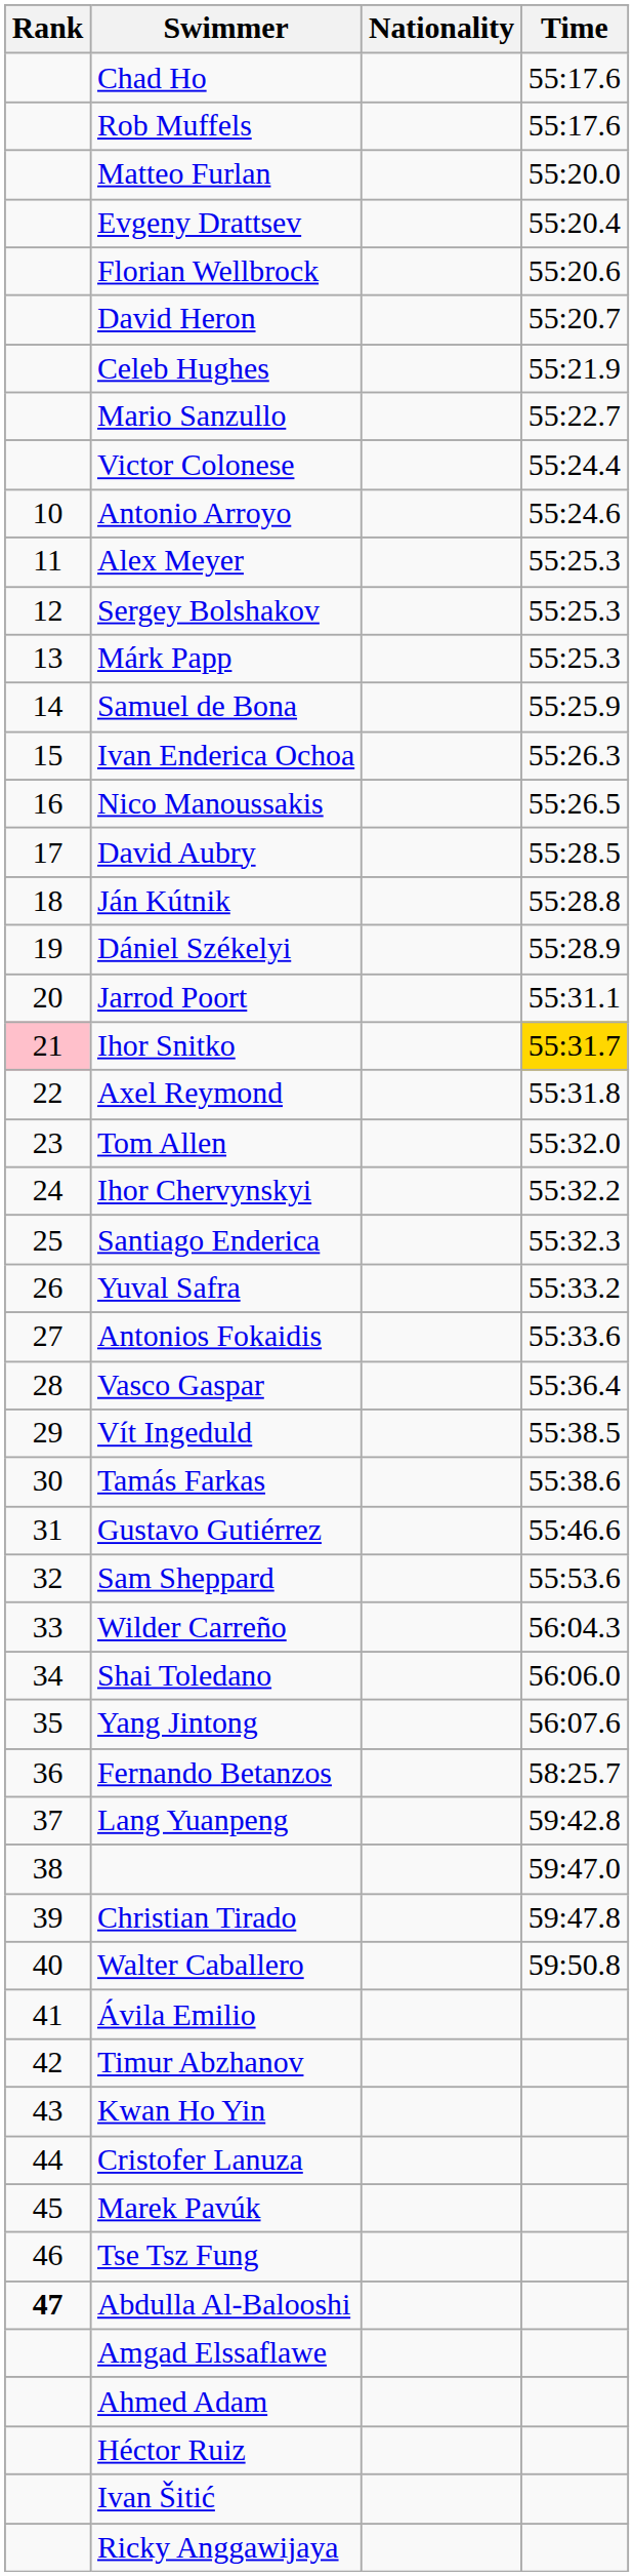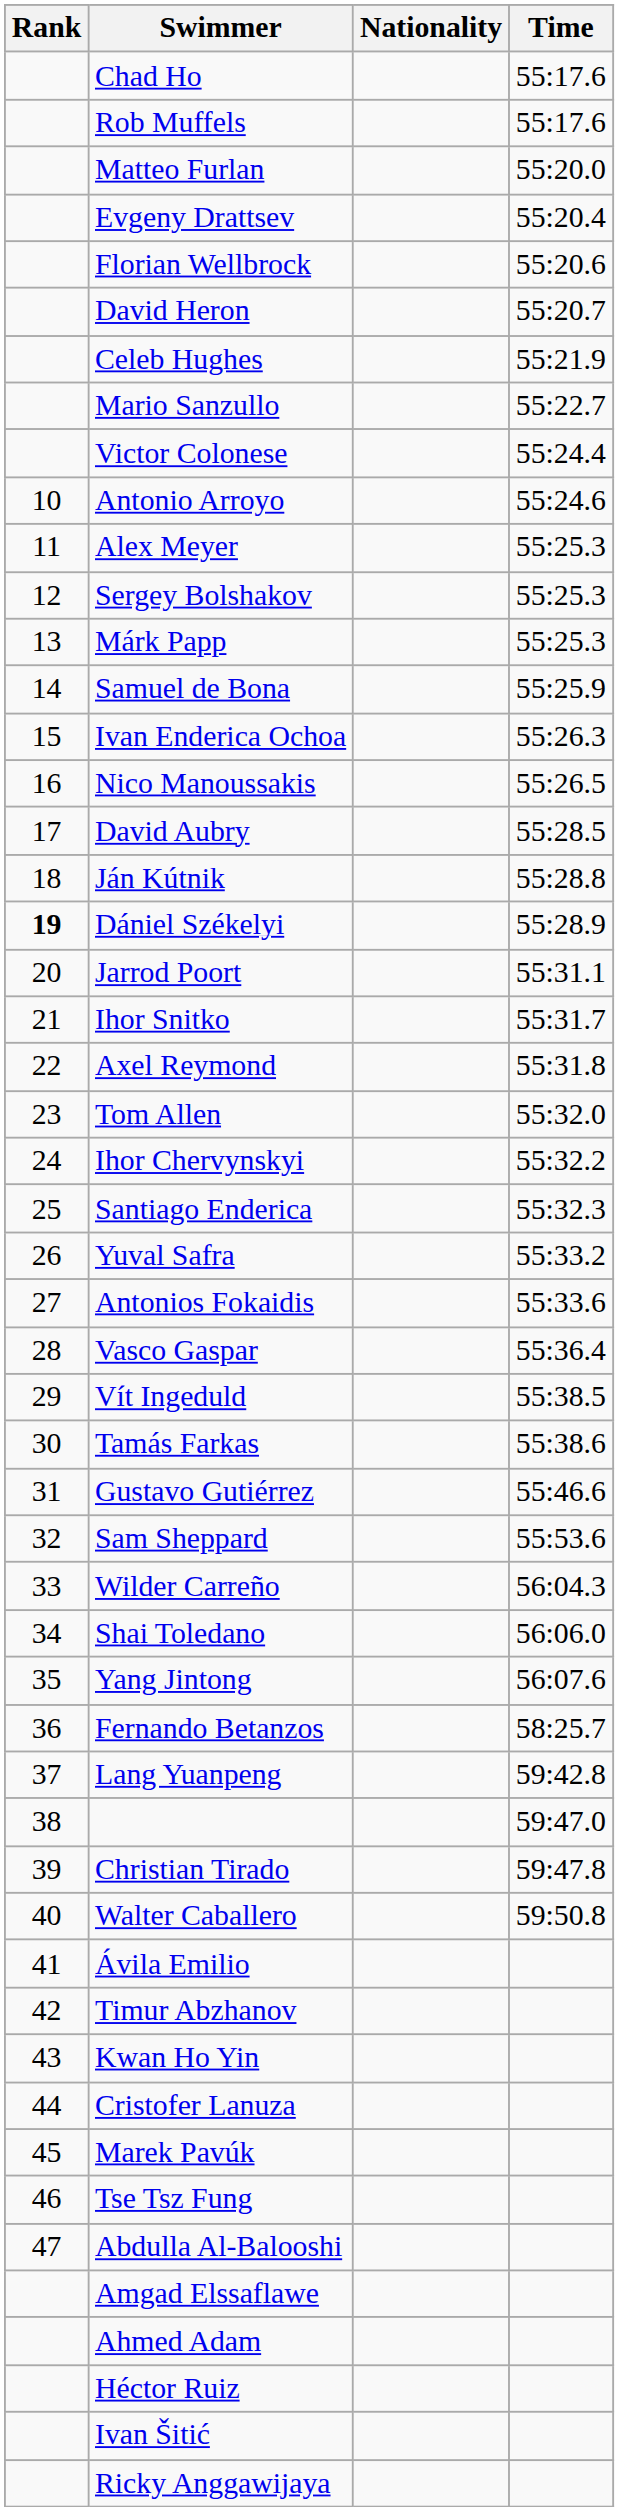 <table class="wikitable sortable" border="1" style="text-align:center">
 <tr>
 <th>Rank</th>
 <th>Swimmer</th>
 <th>Nationality</th>
 <th>Time</th>
 </tr>
 <tr>
 <td></td>
 <td align=left><a href='#'>Chad Ho</a></td>
 <td align=left></td>
 <td>55:17.6</td>
 </tr>
 <tr>
 <td></td>
 <td align=left><a href='#'>Rob Muffels</a></td>
 <td align=left></td>
 <td>55:17.6</td>
 </tr>
 <tr>
 <td></td>
 <td align=left><a href='#'>Matteo Furlan</a></td>
 <td align=left></td>
 <td>55:20.0</td>
 </tr>
 <tr>
 <td></td>
 <td align=left><a href='#'>Evgeny Drattsev</a></td>
 <td align=left></td>
 <td>55:20.4</td>
 </tr>
 <tr>
 <td></td>
 <td align=left><a href='#'>Florian Wellbrock</a></td>
 <td align=left></td>
 <td>55:20.6</td>
 </tr>
 <tr>
 <td></td>
 <td align=left><a href='#'>David Heron</a></td>
 <td align=left></td>
 <td>55:20.7</td>
 </tr>
 <tr>
 <td></td>
 <td align=left><a href='#'>Celeb Hughes</a></td>
 <td align=left></td>
 <td>55:21.9</td>
 </tr>
 <tr>
 <td></td>
 <td align=left><a href='#'>Mario Sanzullo</a></td>
 <td align=left></td>
 <td>55:22.7</td>
 </tr>
 <tr>
 <td></td>
 <td align=left><a href='#'>Victor Colonese</a></td>
 <td align=left></td>
 <td>55:24.4</td>
 </tr>
 <tr>
 <td>10</td>
 <td align=left><a href='#'>Antonio Arroyo</a></td>
 <td align=left></td>
 <td>55:24.6</td>
 </tr>
 <tr>
 <td>11</td>
 <td align=left><a href='#'>Alex Meyer</a></td>
 <td align=left></td>
 <td>55:25.3</td>
 </tr>
 <tr>
 <td>12</td>
 <td align=left><a href='#'>Sergey Bolshakov</a></td>
 <td align=left></td>
 <td>55:25.3</td>
 </tr>
 <tr>
 <td>13</td>
 <td align=left><a href='#'>Márk Papp</a></td>
 <td align=left></td>
 <td>55:25.3</td>
 </tr>
 <tr>
 <td>14</td>
 <td align=left><a href='#'>Samuel de Bona</a></td>
 <td align=left></td>
 <td>55:25.9</td>
 </tr>
 <tr>
 <td>15</td>
 <td align=left><a href='#'>Ivan Enderica Ochoa</a></td>
 <td align=left></td>
 <td>55:26.3</td>
 </tr>
 <tr>
 <td>16</td>
 <td align=left><a href='#'>Nico Manoussakis</a></td>
 <td align=left></td>
 <td>55:26.5</td>
 </tr>
 <tr>
 <td>17</td>
 <td align=left><a href='#'>David Aubry</a></td>
 <td align=left></td>
 <td>55:28.5</td>
 </tr>
 <tr>
 <td>18</td>
 <td align=left><a href='#'>Ján Kútnik</a></td>
 <td align=left></td>
 <td>55:28.8</td>
 </tr>
 <tr>
-<td>19</td>
+<td><strong>19</strong></td>
 <td align=left><a href='#'>Dániel Székelyi</a></td>
 <td align=left></td>
 <td>55:28.9</td>
 </tr>
 <tr>
 <td>20</td>
 <td align=left><a href='#'>Jarrod Poort</a></td>
 <td align=left></td>
 <td>55:31.1</td>
 </tr>
 <tr>
-<td style="background: pink;">21</td>
+<td>21</td>
 <td align=left><a href='#'>Ihor Snitko</a></td>
 <td align=left></td>
-<td style="background: gold;">55:31.7</td>
+<td>55:31.7</td>
 </tr>
 <tr>
 <td>22</td>
 <td align=left><a href='#'>Axel Reymond</a></td>
 <td align=left></td>
 <td>55:31.8</td>
 </tr>
 <tr>
 <td>23</td>
 <td align=left><a href='#'>Tom Allen</a></td>
 <td align=left></td>
 <td>55:32.0</td>
 </tr>
 <tr>
 <td>24</td>
 <td align=left><a href='#'>Ihor Chervynskyi</a></td>
 <td align=left></td>
 <td>55:32.2</td>
 </tr>
 <tr>
 <td>25</td>
 <td align=left><a href='#'>Santiago Enderica</a></td>
 <td align=left></td>
 <td>55:32.3</td>
 </tr>
 <tr>
 <td>26</td>
 <td align=left><a href='#'>Yuval Safra</a></td>
 <td align=left></td>
 <td>55:33.2</td>
 </tr>
 <tr>
 <td>27</td>
 <td align=left><a href='#'>Antonios Fokaidis</a></td>
 <td align=left></td>
 <td>55:33.6</td>
 </tr>
 <tr>
 <td>28</td>
 <td align=left><a href='#'>Vasco Gaspar</a></td>
 <td align=left></td>
 <td>55:36.4</td>
 </tr>
 <tr>
 <td>29</td>
 <td align=left><a href='#'>Vít Ingeduld</a></td>
 <td align=left></td>
 <td>55:38.5</td>
 </tr>
 <tr>
 <td>30</td>
 <td align=left><a href='#'>Tamás Farkas</a></td>
 <td align=left></td>
 <td>55:38.6</td>
 </tr>
 <tr>
 <td>31</td>
 <td align=left><a href='#'>Gustavo Gutiérrez</a></td>
 <td align=left></td>
 <td>55:46.6</td>
 </tr>
 <tr>
 <td>32</td>
 <td align=left><a href='#'>Sam Sheppard</a></td>
 <td align=left></td>
 <td>55:53.6</td>
 </tr>
 <tr>
 <td>33</td>
 <td align=left><a href='#'>Wilder Carreño</a></td>
 <td align=left></td>
 <td>56:04.3</td>
 </tr>
 <tr>
 <td>34</td>
 <td align=left><a href='#'>Shai Toledano</a></td>
 <td align=left></td>
 <td>56:06.0</td>
 </tr>
 <tr>
 <td>35</td>
 <td align=left><a href='#'>Yang Jintong</a></td>
 <td align=left></td>
 <td>56:07.6</td>
 </tr>
 <tr>
 <td>36</td>
 <td align=left><a href='#'>Fernando Betanzos</a></td>
 <td align=left></td>
 <td>58:25.7</td>
 </tr>
 <tr>
 <td>37</td>
 <td align=left><a href='#'>Lang Yuanpeng</a></td>
 <td align=left></td>
 <td>59:42.8</td>
 </tr>
 <tr>
 <td>38</td>
 <td align=left></td>
 <td align=left></td>
 <td>59:47.0</td>
 </tr>
 <tr>
 <td>39</td>
 <td align=left><a href='#'>Christian Tirado</a></td>
 <td align=left></td>
 <td>59:47.8</td>
 </tr>
 <tr>
 <td>40</td>
 <td align=left><a href='#'>Walter Caballero</a></td>
 <td align=left></td>
 <td>59:50.8</td>
 </tr>
 <tr>
 <td>41</td>
 <td align=left><a href='#'>Ávila Emilio</a></td>
 <td align=left></td>
 <td></td>
 </tr>
 <tr>
 <td>42</td>
 <td align=left><a href='#'>Timur Abzhanov</a></td>
 <td align=left></td>
 <td></td>
 </tr>
 <tr>
 <td>43</td>
 <td align=left><a href='#'>Kwan Ho Yin</a></td>
 <td align=left></td>
 <td></td>
 </tr>
 <tr>
 <td>44</td>
 <td align=left><a href='#'>Cristofer Lanuza</a></td>
 <td align=left></td>
 <td></td>
 </tr>
 <tr>
 <td>45</td>
 <td align=left><a href='#'>Marek Pavúk</a></td>
 <td align=left></td>
 <td></td>
 </tr>
 <tr>
 <td>46</td>
 <td align=left><a href='#'>Tse Tsz Fung</a></td>
 <td align=left></td>
 <td></td>
 </tr>
 <tr>
-<td><strong>47</strong></td>
+<td>47</td>
 <td align=left><a href='#'>Abdulla Al-Balooshi</a></td>
 <td align=left></td>
 <td></td>
 </tr>
 <tr>
 <td></td>
 <td align=left><a href='#'>Amgad Elssaflawe</a></td>
 <td align=left></td>
 <td></td>
 </tr>
 <tr>
 <td></td>
 <td align=left><a href='#'>Ahmed Adam</a></td>
 <td align=left></td>
 <td></td>
 </tr>
 <tr>
 <td></td>
 <td align=left><a href='#'>Héctor Ruiz</a></td>
 <td align=left></td>
 <td></td>
 </tr>
 <tr>
 <td></td>
 <td align=left><a href='#'>Ivan Šitić</a></td>
 <td align=left></td>
 <td></td>
 </tr>
 <tr>
 <td></td>
 <td align=left><a href='#'>Ricky Anggawijaya</a></td>
 <td align=left></td>
 <td></td>
 </tr>
 </table>
